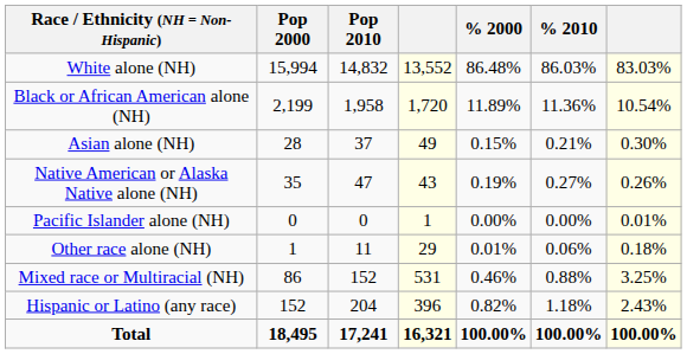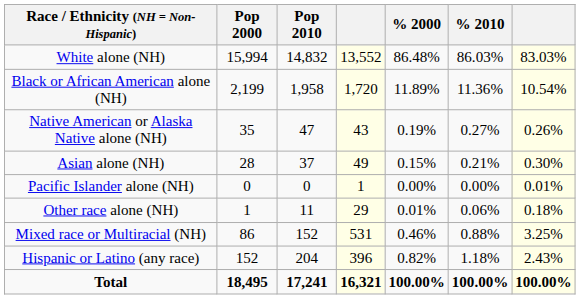 <table class="wikitable" style="text-align:center;">
 <tr>
 <th>Race / Ethnicity <small>(<em>NH = Non-Hispanic</em>)</small></th>
 <th>Pop 2000</th>
 <th>Pop 2010</th>
 <th></th>
 <th>% 2000</th>
 <th>% 2010</th>
 <th></th>
 </tr>
 <tr>
 <td><a href='#'>White</a> alone (NH)</td>
 <td>15,994</td>
 <td>14,832</td>
 <td style='background: #ffffe6;'>13,552</td>
 <td>86.48%</td>
 <td>86.03%</td>
 <td style='background: #ffffe6;'>83.03%</td>
 </tr>
 <tr>
 <td><a href='#'>Black or African American</a> alone (NH)</td>
 <td>2,199</td>
 <td>1,958</td>
 <td style='background: #ffffe6;'>1,720</td>
 <td>11.89%</td>
 <td>11.36%</td>
 <td style='background: #ffffe6;'>10.54%</td>
 </tr>
 <tr>
+<td><a href='#'>Native American</a> or <a href='#'>Alaska Native</a> alone (NH)</td>
+<td>35</td>
+<td>47</td>
+<td style='background: #ffffe6;'>43</td>
+<td>0.19%</td>
+<td>0.27%</td>
+<td style='background: #ffffe6;'>0.26%</td>
+</tr>
+<tr>
 <td><a href='#'>Asian</a> alone (NH)</td>
 <td>28</td>
 <td>37</td>
 <td style='background: #ffffe6;'>49</td>
 <td>0.15%</td>
 <td>0.21%</td>
 <td style='background: #ffffe6;'>0.30%</td>
-</tr>
-<tr>
-<td><a href='#'>Native American</a> or <a href='#'>Alaska Native</a> alone (NH)</td>
-<td>35</td>
-<td>47</td>
-<td style='background: #ffffe6;'>43</td>
-<td>0.19%</td>
-<td>0.27%</td>
-<td style='background: #ffffe6;'>0.26%</td>
 </tr>
 <tr>
 <td><a href='#'>Pacific Islander</a> alone (NH)</td>
 <td>0</td>
 <td>0</td>
 <td style='background: #ffffe6;'>1</td>
 <td>0.00%</td>
 <td>0.00%</td>
 <td style='background: #ffffe6;'>0.01%</td>
 </tr>
 <tr>
 <td><a href='#'>Other race</a> alone (NH)</td>
 <td>1</td>
 <td>11</td>
 <td style='background: #ffffe6;'>29</td>
 <td>0.01%</td>
 <td>0.06%</td>
 <td style='background: #ffffe6;'>0.18%</td>
 </tr>
 <tr>
 <td><a href='#'>Mixed race or Multiracial</a> (NH)</td>
 <td>86</td>
 <td>152</td>
 <td style='background: #ffffe6;'>531</td>
 <td>0.46%</td>
 <td>0.88%</td>
 <td style='background: #ffffe6;'>3.25%</td>
 </tr>
 <tr>
 <td><a href='#'>Hispanic or Latino</a> (any race)</td>
 <td>152</td>
 <td>204</td>
 <td style='background: #ffffe6;'>396</td>
 <td>0.82%</td>
 <td>1.18%</td>
 <td style='background: #ffffe6;'>2.43%</td>
 </tr>
 <tr>
 <td><strong>Total</strong></td>
 <td><strong>18,495</strong></td>
 <td><strong>17,241</strong></td>
 <td style='background: #ffffe6;'><strong>16,321</strong></td>
 <td><strong>100.00%</strong></td>
 <td><strong>100.00%</strong></td>
 <td style='background: #ffffe6;'><strong>100.00%</strong></td>
 </tr>
 </table>
